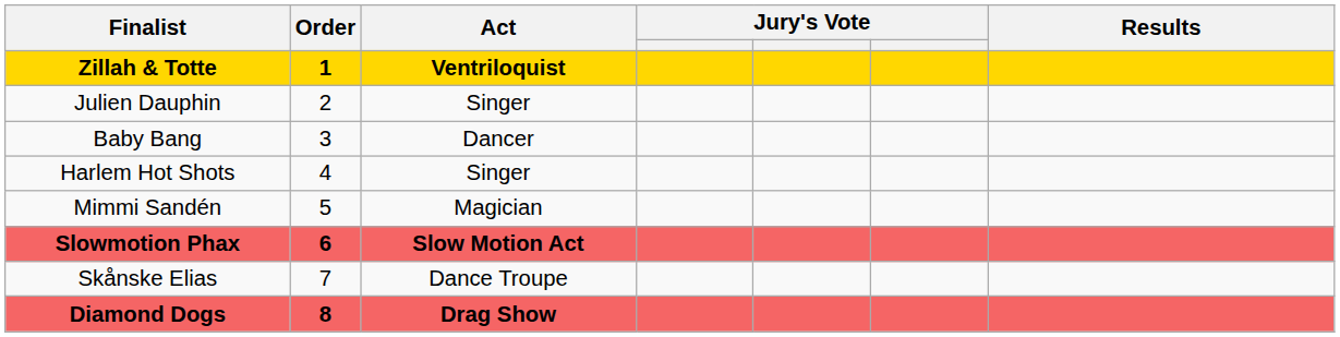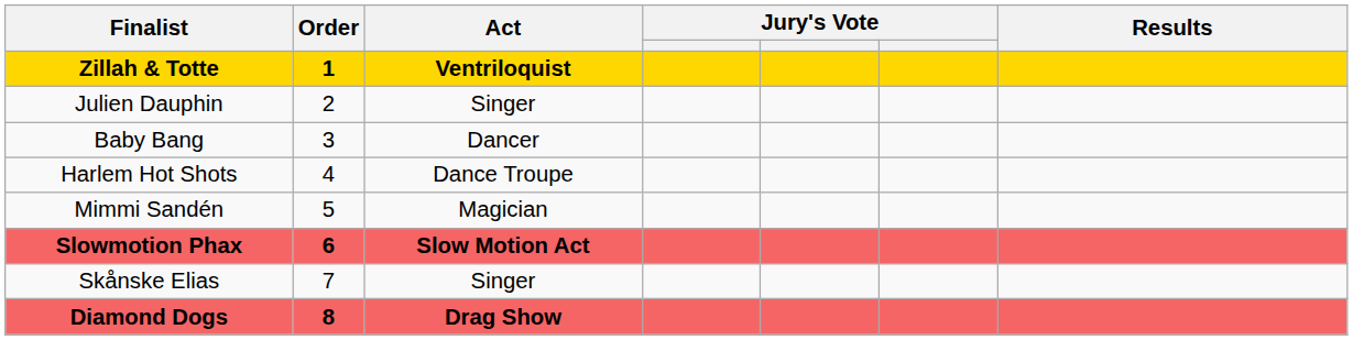 <table class="wikitable plainrowheaders sortable" style="text-align:center" width="76%;">
 <tr>
 <th scope="col" rowspan="2" class="unsortable" style="width:17em;">Finalist</th>
 <th scope="col" rowspan="2" style="width:1em;">Order</th>
 <th scope="col" rowspan="2" class="unsortable" style="width:16em;">Act</th>
 <th scope="col" colspan="3" class="unsortable" style="width:24em;">Jury's Vote</th>
 <th scope="col" rowspan="2" style="width:23em;">Results</th>
 </tr>
 <tr>
 <th scope="col" class="unsortable" style="width:6em;"></th>
 <th scope="col" class="unsortable" style="width:6em;"></th>
 <th scope="col" class="unsortable" style="width:6em;"></th>
 </tr>
 <tr bgcolor=gold>
 <td><strong>Zillah & Totte</strong></td>
 <td><strong>1</strong></td>
 <td><strong>Ventriloquist</strong></td>
 <td style="text-align:center;"></td>
 <td style="text-align:center;"></td>
 <td style="text-align:center;"></td>
 <td><strong></strong></td>
 </tr>
 <tr>
 <td>Julien Dauphin</td>
 <td>2</td>
 <td>Singer</td>
 <td style="text-align:center;"></td>
 <td style="text-align:center;"></td>
 <td style="text-align:center;"></td>
 <td></td>
 </tr>
 <tr>
 <td>Baby Bang</td>
 <td>3</td>
 <td>Dancer</td>
 <td style="text-align:center;"></td>
 <td style="text-align:center;"></td>
 <td style="text-align:center;"></td>
 <td></td>
 </tr>
 <tr>
 <td>Harlem Hot Shots</td>
 <td>4</td>
-<td>Singer</td>
+<td>Dance Troupe</td>
 <td style="text-align:center;"></td>
 <td style="text-align:center;"></td>
 <td style="text-align:center;"></td>
 <td></td>
 </tr>
 <tr>
 <td>Mimmi Sandén</td>
 <td>5</td>
 <td>Magician</td>
 <td style="text-align:center;"></td>
 <td style="text-align:center;"></td>
 <td style="text-align:center;"></td>
 <td></td>
 </tr>
 <tr style="background:#F56565">
 <td><strong>Slowmotion Phax</strong></td>
 <td><strong>6</strong></td>
 <td><strong>Slow Motion Act</strong></td>
 <td style="text-align:center;"></td>
 <td style="text-align:center;"></td>
 <td style="text-align:center;"></td>
 <td></td>
 </tr>
 <tr>
 <td>Skånske Elias</td>
 <td>7</td>
-<td>Dance Troupe</td>
+<td>Singer</td>
 <td style="text-align:center;"></td>
 <td style="text-align:center;"></td>
 <td style="text-align:center;"></td>
 <td></td>
 </tr>
 <tr style="background:#F56565">
 <td><strong>Diamond Dogs</strong></td>
 <td><strong>8</strong></td>
 <td><strong>Drag Show</strong></td>
 <td style="text-align:center;"></td>
 <td style="text-align:center;"></td>
 <td style="text-align:center;"></td>
 <td></td>
 </tr>
 </table>
